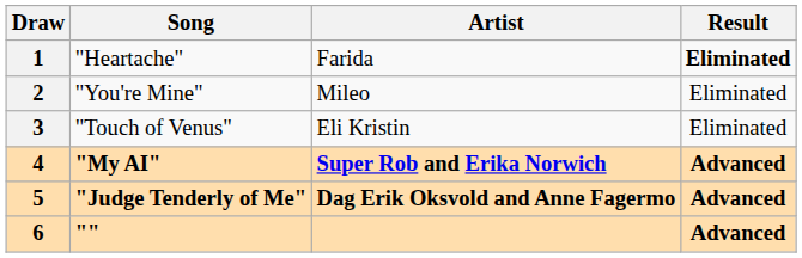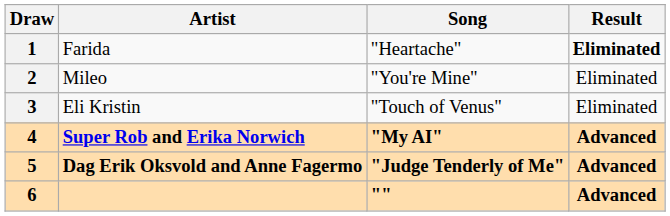 <table class="sortable wikitable plainrowheaders" style="margin: 1em auto 1em auto; text-align:center">
 <tr>
 <th scope="col">Draw</th>
+<th scope="col">Artist</th>
 <th scope="col">Song</th>
-<th scope="col">Artist</th>
 <th scope="col">Result</th>
 </tr>
 <tr>
 <th scope="row" style="text-align:center;">1</th>
+<td style="text-align:left">Farida</td>
 <td style="text-align:left">"Heartache"</td>
-<td style="text-align:left">Farida</td>
 <td><strong>Eliminated</strong></td>
 </tr>
 <tr>
 <th scope="row" style="text-align:center;">2</th>
+<td style="text-align:left">Mileo</td>
 <td style="text-align:left">"You're Mine"</td>
-<td style="text-align:left">Mileo</td>
 <td>Eliminated</td>
 </tr>
 <tr>
 <th scope="row" style="text-align:center;">3</th>
+<td style="text-align:left">Eli Kristin</td>
 <td style="text-align:left">"Touch of Venus"</td>
-<td style="text-align:left">Eli Kristin</td>
 <td>Eliminated</td>
 </tr>
 <tr style="font-weight:bold; background:navajowhite;">
 <th scope="row" style="text-align:center; font-weight:bold; background:navajowhite;">4</th>
+<td style="text-align:left"><a href='#'>Super Rob</a> and <a href='#'>Erika Norwich</a></td>
 <td style="text-align:left">"My AI"</td>
-<td style="text-align:left"><a href='#'>Super Rob</a> and <a href='#'>Erika Norwich</a></td>
 <td>Advanced</td>
 </tr>
 <tr style="font-weight:bold; background:navajowhite;">
 <th scope="row" style="text-align:center; font-weight:bold; background:navajowhite;">5</th>
+<td style="text-align:left">Dag Erik Oksvold and Anne Fagermo</td>
 <td style="text-align:left">"Judge Tenderly of Me"</td>
-<td style="text-align:left">Dag Erik Oksvold and Anne Fagermo</td>
 <td>Advanced</td>
 </tr>
 <tr style="font-weight:bold; background:navajowhite;">
 <th scope="row" style="text-align:center; font-weight:bold; background:navajowhite;">6</th>
+<td style="text-align:left"></td>
 <td style="text-align:left">""</td>
-<td style="text-align:left"></td>
 <td>Advanced</td>
 </tr>
 </table>
